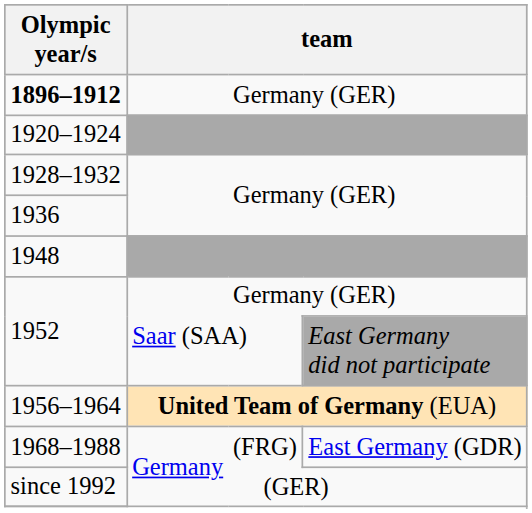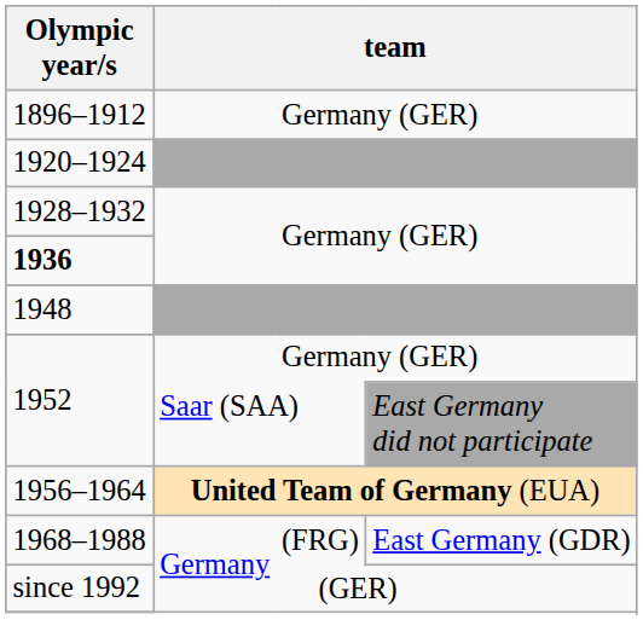 <table class = wikitable style = text-align:left;font-size:90%>
 <tr>
 <th>Olympic<br>year/s</th>
 <th colspan = 5>team</th>
 </tr>
 <tr>
-<td><strong>1896–1912</strong></td>
+<td>1896–1912</td>
 <td colspan = 2 style = "text-align:right; border-style: none none none none"></td>
 <td colspan = 2 style = "border-style: none none none none">Germany (GER)</td>
 </tr>
 <tr>
 <td>1920–1924</td>
 <td colspan = 4 style = text-align:center;background:darkgray></td>
 </tr>
 <tr>
 <td>1928–1932</td>
 <td colspan = 2 style = "text-align:right; border-style: none none none none"></td>
 <td colspan = 2 rowspan = 2 style = "border-style: none none none none">Germany (GER)</td>
 </tr>
 <tr>
-<td>1936</td>
+<td><strong>1936</strong></td>
 <td colspan = 2 style = "text-align:right; border-style: none none none none"></td>
 </tr>
 <tr>
 <td>1948</td>
 <td colspan = 4 style = text-align:center;background:darkgray></td>
 </tr>
 <tr>
 <td rowspan = 2>1952</td>
 <td colspan = 2 style = "text-align:right; border-style: none none none none"></td>
 <td colspan = 2 style = "border-style: none none none none">Germany (GER)</td>
 </tr>
 <tr>
 <td colspan = 3 style = "border-style: none none none none"> <a href='#'>Saar</a> (SAA)<br><br></td>
 <td style = background:darkgray> <em>East Germany<br>did not participate</em></td>
 </tr>
 <tr>
 <td>1956–1964</td>
 <td colspan = 4 style = text-align:center;background:moccasin> <strong>United Team of Germany</strong> (EUA)</td>
 </tr>
 <tr>
 <td>1968–1988</td>
 <td colspan = 2 rowspan = 2 style = "border-style: none none none none"> <a href='#'>Germany</a></td>
 <td style = "border-style: none none none none">(FRG)</td>
 <td> <a href='#'>East Germany</a> (GDR)</td>
 </tr>
 <tr>
 <td>since 1992</td>
 <td colspan = 2 style = "border-style: none none none none">     (GER)</td>
 </tr>
 <tr>
 </tr>
 </table>
